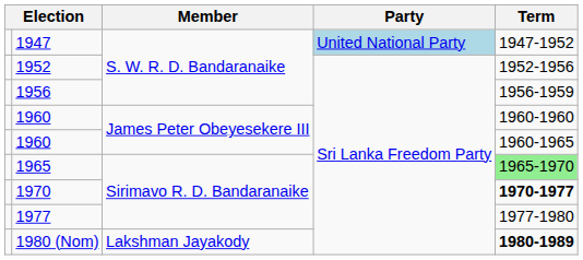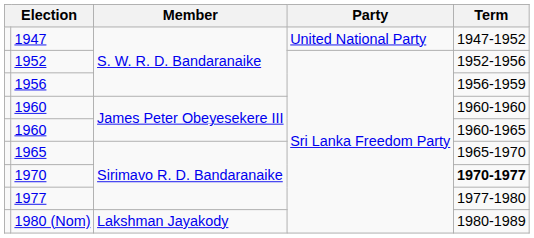 <table class="wikitable">
 <tr>
 <th colspan="2">Election</th>
 <th>Member</th>
 <th>Party</th>
 <th>Term</th>
 </tr>
 <tr>
 <td style="background-color: "></td>
 <td><a href='#'>1947</a></td>
 <td rowspan=3><a href='#'>S. W. R. D. Bandaranaike</a></td>
-<td style="background: lightblue;"><a href='#'>United National Party</a></td>
+<td><a href='#'>United National Party</a></td>
 <td>1947-1952</td>
 </tr>
 <tr>
 <td style="background-color: "></td>
 <td><a href='#'>1952</a></td>
 <td rowspan=8><a href='#'>Sri Lanka Freedom Party</a></td>
 <td>1952-1956</td>
 </tr>
 <tr>
 <td style="background-color: "></td>
 <td><a href='#'>1956</a></td>
 <td>1956-1959</td>
 </tr>
 <tr>
 <td style="background-color: "></td>
 <td><a href='#'>1960</a></td>
 <td rowspan=2><a href='#'>James Peter Obeyesekere III</a></td>
 <td>1960-1960</td>
 </tr>
 <tr>
 <td style="background-color: "></td>
 <td><a href='#'>1960</a></td>
 <td>1960-1965</td>
 </tr>
 <tr>
 <td style="background-color: "></td>
 <td><a href='#'>1965</a></td>
 <td rowspan=3><a href='#'>Sirimavo R. D. Bandaranaike</a></td>
-<td style="background: lightgreen;">1965-1970</td>
+<td>1965-1970</td>
 </tr>
 <tr>
 <td style="background-color: "></td>
 <td><a href='#'>1970</a></td>
 <td><strong>1970-1977</strong></td>
 </tr>
 <tr>
 <td style="background-color: "></td>
 <td><a href='#'>1977</a></td>
 <td>1977-1980</td>
 </tr>
 <tr>
 <td style="background-color: "></td>
 <td><a href='#'>1980 (Nom)</a></td>
 <td><a href='#'>Lakshman Jayakody</a></td>
-<td><strong>1980-1989</strong></td>
+<td>1980-1989</td>
 </tr>
 </table>
